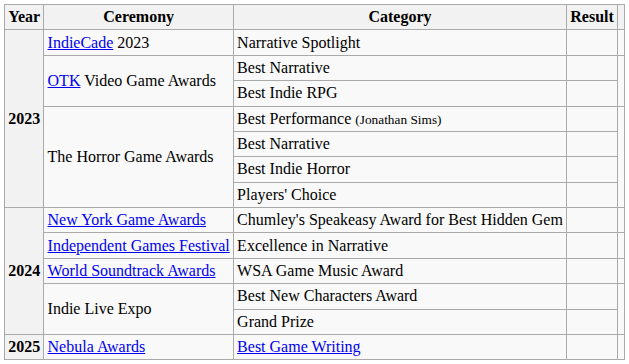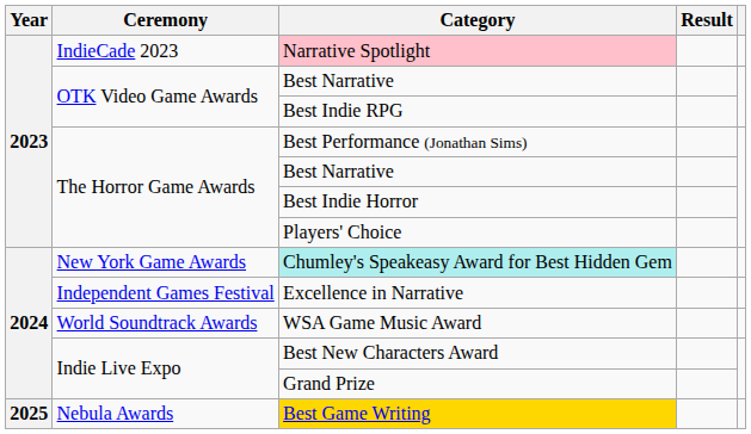 <table class="wikitable plainrowheaders sortable" width="auto">
 <tr>
 <th scope="col">Year</th>
 <th scope="col">Ceremony</th>
 <th scope="col">Category</th>
 <th scope="col">Result</th>
 <th scope="col" class="unsortable"></th>
 </tr>
 <tr>
 <th scope=rowgroup style="text-align:center;" rowspan="7">2023</th>
 <td><a href='#'>IndieCade</a> 2023</td>
-<td>Narrative Spotlight</td>
+<td style="background: pink;">Narrative Spotlight</td>
 <td></td>
 <td style="text-align:center;"></td>
 </tr>
 <tr>
 <td rowspan="2"><a href='#'>OTK</a> Video Game Awards</td>
 <td>Best Narrative</td>
 <td></td>
 <td rowspan="2" style="text-align:center;"></td>
 </tr>
 <tr>
 <td>Best Indie RPG</td>
 <td></td>
 </tr>
 <tr>
 <td rowspan="4">The Horror Game Awards</td>
 <td>Best Performance <small>(Jonathan Sims)</small></td>
 <td></td>
 <td rowspan="4" style="text-align:center;"></td>
 </tr>
 <tr>
 <td>Best Narrative</td>
 <td></td>
 </tr>
 <tr>
 <td>Best Indie Horror</td>
 <td></td>
 </tr>
 <tr>
 <td>Players' Choice</td>
 <td></td>
 </tr>
 <tr>
 <th scope=rowgroup style="text-align:center;" rowspan="5">2024</th>
 <td><a href='#'>New York Game Awards</a></td>
-<td>Chumley's Speakeasy Award for Best Hidden Gem</td>
+<td style="background: paleturquoise;">Chumley's Speakeasy Award for Best Hidden Gem</td>
 <td></td>
 <td style="text-align:center;"></td>
 </tr>
 <tr>
 <td><a href='#'>Independent Games Festival</a></td>
 <td>Excellence in Narrative</td>
 <td></td>
 <td style="text-align:center;"></td>
 </tr>
 <tr>
 <td><a href='#'>World Soundtrack Awards</a></td>
 <td>WSA Game Music Award</td>
 <td></td>
 <td style="text-align:center;"></td>
 </tr>
 <tr>
 <td rowspan="2">Indie Live Expo</td>
 <td>Best New Characters Award</td>
 <td></td>
 <td rowspan="2" style="text-align:center;"></td>
 </tr>
 <tr>
 <td>Grand Prize</td>
 <td></td>
 </tr>
 <tr>
 <th scope=rowgroup style="text-align:center;">2025</th>
 <td><a href='#'>Nebula Awards</a></td>
-<td><a href='#'>Best Game Writing</a></td>
+<td style="background: gold;"><a href='#'>Best Game Writing</a></td>
 <td></td>
 <td style="text-align:center;"></td>
 </tr>
 </table>
